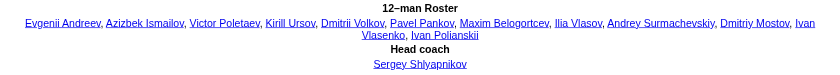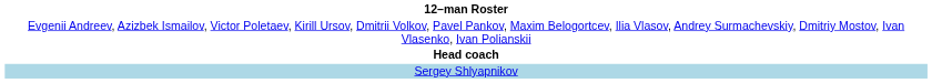 <table style="text-align: center; margin-top: 2em; margin-left: auto; margin-right: auto">
 <tr>
 <td><strong>12–man Roster</strong></td>
 </tr>
 <tr>
 <td><a href='#'>Evgenii Andreev</a>, <a href='#'>Azizbek Ismailov</a>, <a href='#'>Victor Poletaev</a>, <a href='#'>Kirill Ursov</a>, <a href='#'>Dmitrii Volkov</a>, <a href='#'>Pavel Pankov</a>, <a href='#'>Maxim Belogortcev</a>, <a href='#'>Ilia Vlasov</a>, <a href='#'>Andrey Surmachevskiy</a>, <a href='#'>Dmitriy Mostov</a>, <a href='#'>Ivan Vlasenko</a>, <a href='#'>Ivan Polianskii</a></td>
 </tr>
 <tr>
 <td><strong>Head coach</strong></td>
 </tr>
 <tr>
-<td><a href='#'>Sergey Shlyapnikov</a></td>
+<td style="background: lightblue;"><a href='#'>Sergey Shlyapnikov</a></td>
 </tr>
 </table>
